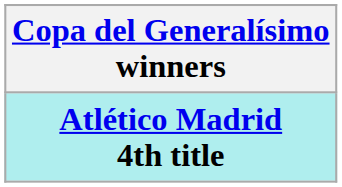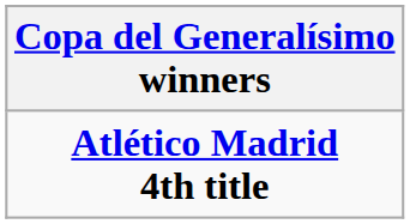 <table class="wikitable" style="text-align: center; margin: 0 auto;">
 <tr>
 <th><a href='#'>Copa del Generalísimo</a><br>winners</th>
 </tr>
 <tr>
-<td style="background: paleturquoise;"><strong><a href='#'>Atlético Madrid</a></strong><br><strong>4th title</strong></td>
+<td><strong><a href='#'>Atlético Madrid</a></strong><br><strong>4th title</strong></td>
 </tr>
 </table>
